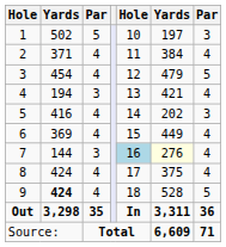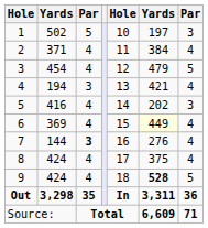 <table class="wikitable" style="text-align:center;">
 <tr>
 <th>Hole</th>
 <th>Yards</th>
 <th>Par</th>
 <th></th>
 <th>Hole</th>
 <th>Yards</th>
 <th>Par</th>
 </tr>
 <tr>
 <td>1</td>
 <td>502</td>
 <td>5</td>
 <td rowspan="10" style="background:#E6E8FA;"></td>
 <td>10</td>
 <td>197</td>
 <td>3</td>
 </tr>
 <tr>
 <td>2</td>
 <td>371</td>
 <td>4</td>
 <td>11</td>
 <td>384</td>
 <td>4</td>
 </tr>
 <tr>
 <td>3</td>
 <td>454</td>
 <td>4</td>
 <td>12</td>
 <td>479</td>
 <td>5</td>
 </tr>
 <tr>
 <td>4</td>
 <td>194</td>
 <td>3</td>
 <td>13</td>
 <td>421</td>
 <td>4</td>
 </tr>
 <tr>
 <td>5</td>
 <td>416</td>
 <td>4</td>
 <td>14</td>
 <td>202</td>
 <td>3</td>
 </tr>
 <tr>
 <td>6</td>
 <td>369</td>
 <td>4</td>
 <td>15</td>
-<td>449</td>
+<td style="background: lightyellow;">449</td>
 <td>4</td>
 </tr>
 <tr>
 <td>7</td>
 <td>144</td>
-<td>3</td>
-<td style="background: lightblue;">16</td>
-<td style="background: lightyellow;">276</td>
+<td><strong>3</strong></td>
+<td>16</td>
+<td>276</td>
 <td>4</td>
 </tr>
 <tr>
 <td>8</td>
 <td>424</td>
 <td>4</td>
 <td>17</td>
 <td>375</td>
 <td>4</td>
 </tr>
 <tr>
 <td>9</td>
-<td><strong>424</strong></td>
+<td>424</td>
 <td>4</td>
 <td>18</td>
-<td>528</td>
+<td><strong>528</strong></td>
 <td>5</td>
 </tr>
 <tr>
 <td><strong>Out</strong></td>
 <td><strong>3,298</strong></td>
 <td><strong>35</strong></td>
 <td><strong>In</strong></td>
 <td><strong>3,311</strong></td>
 <td><strong>36</strong></td>
 </tr>
 <tr>
 <td colspan="2" style="text-align:left;">Source:</td>
 <td colspan="3"><strong>Total</strong></td>
 <td><strong>6,609</strong></td>
 <td><strong>71</strong></td>
 </tr>
 </table>
